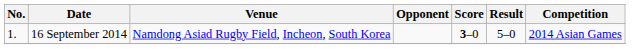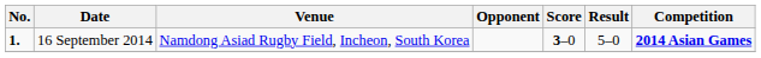 <table class="wikitable">
 <tr>
 <th>No.</th>
 <th>Date</th>
 <th>Venue</th>
 <th>Opponent</th>
 <th>Score</th>
 <th>Result</th>
 <th>Competition</th>
 </tr>
 <tr>
-<td>1.</td>
+<td><strong>1.</strong></td>
 <td>16 September 2014</td>
 <td><a href='#'>Namdong Asiad Rugby Field</a>, <a href='#'>Incheon</a>, <a href='#'>South Korea</a></td>
 <td></td>
 <td align=center><strong>3</strong>–0</td>
 <td align=center>5–0</td>
-<td><a href='#'>2014 Asian Games</a></td>
+<td><strong><a href='#'>2014 Asian Games</a></strong></td>
 </tr>
 <tr>
 </tr>
 </table>
